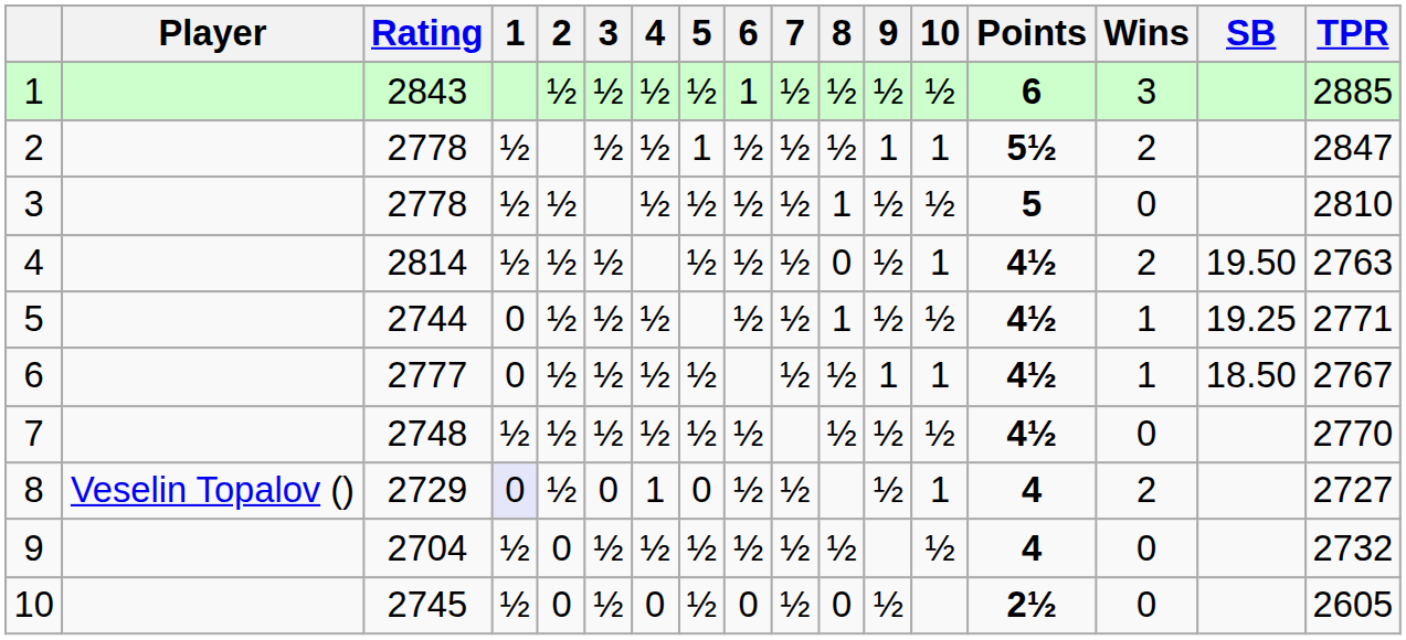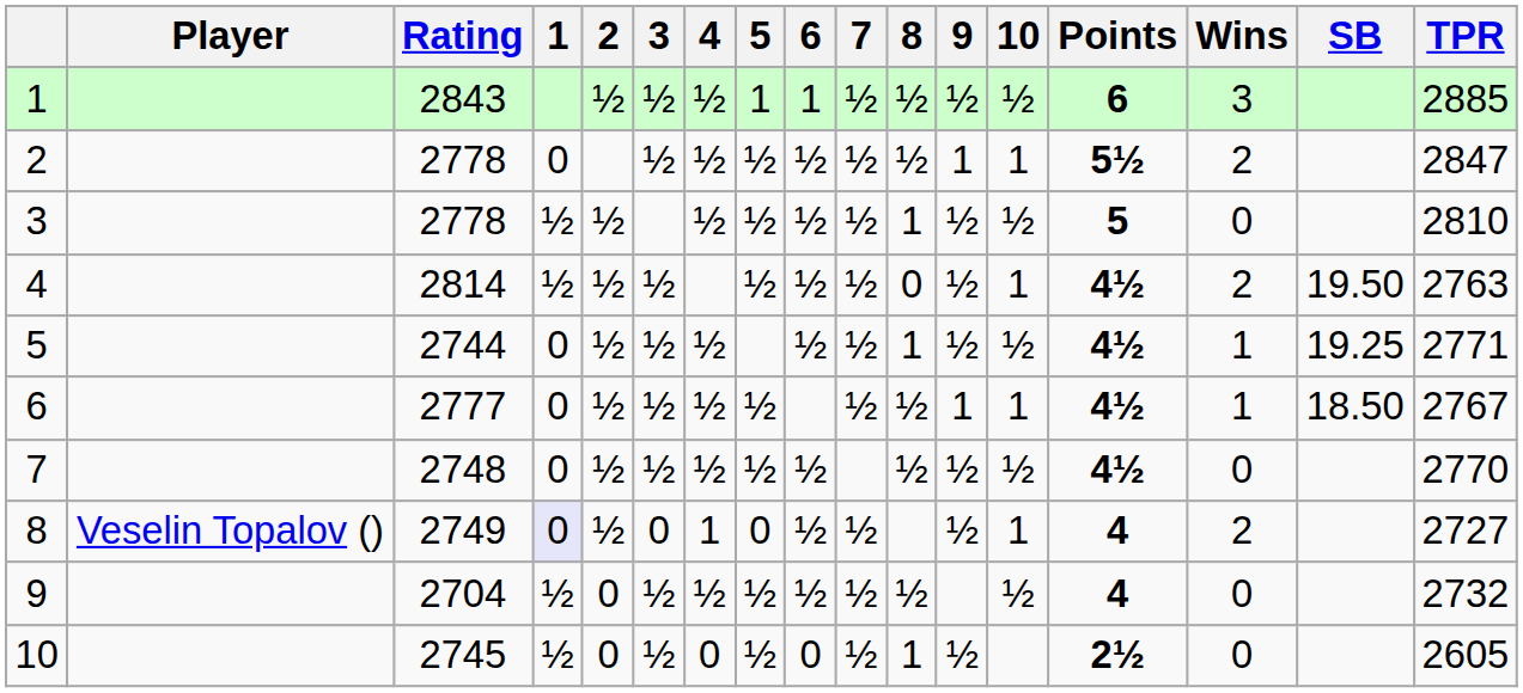 <table class="wikitable" style="text-align: center;">
 <tr>
 <th></th>
 <th>Player</th>
 <th><a href='#'>Rating</a></th>
 <th>1</th>
 <th>2</th>
 <th>3</th>
 <th>4</th>
 <th>5</th>
 <th>6</th>
 <th>7</th>
 <th>8</th>
 <th>9</th>
 <th>10</th>
 <th>Points</th>
 <th>Wins</th>
 <th><a href='#'>SB</a></th>
 <th><a href='#'>TPR</a></th>
 </tr>
 <tr>
 </tr>
 <tr style="background:#ccffcc;">
 <td>1</td>
 <td align="left"><strong></strong></td>
 <td>2843</td>
 <td></td>
 <td>½</td>
 <td>½</td>
 <td>½</td>
-<td>½</td>
+<td>1</td>
 <td>1</td>
 <td>½</td>
 <td>½</td>
 <td>½</td>
 <td>½</td>
 <td><strong>6</strong></td>
 <td>3</td>
 <td></td>
 <td>2885</td>
 </tr>
 <tr>
 <td>2</td>
 <td align="left"></td>
 <td>2778</td>
-<td>½</td>
+<td>0</td>
 <td></td>
 <td>½</td>
 <td>½</td>
-<td>1</td>
+<td>½</td>
 <td>½</td>
 <td>½</td>
 <td>½</td>
 <td>1</td>
 <td>1</td>
 <td><strong>5½</strong></td>
 <td>2</td>
 <td></td>
 <td>2847</td>
 </tr>
 <tr>
 <td>3</td>
 <td align="left"></td>
 <td>2778</td>
 <td>½</td>
 <td>½</td>
 <td></td>
 <td>½</td>
 <td>½</td>
 <td>½</td>
 <td>½</td>
 <td>1</td>
 <td>½</td>
 <td>½</td>
 <td><strong>5</strong></td>
 <td>0</td>
 <td></td>
 <td>2810</td>
 </tr>
 <tr>
 <td>4</td>
 <td align="left"></td>
 <td>2814</td>
 <td>½</td>
 <td>½</td>
 <td>½</td>
 <td></td>
 <td>½</td>
 <td>½</td>
 <td>½</td>
 <td>0</td>
 <td>½</td>
 <td>1</td>
 <td><strong>4½</strong></td>
 <td>2</td>
 <td>19.50</td>
 <td>2763</td>
 </tr>
 <tr>
 <td>5</td>
 <td align="left"></td>
 <td>2744</td>
 <td>0</td>
 <td>½</td>
 <td>½</td>
 <td>½</td>
 <td></td>
 <td>½</td>
 <td>½</td>
 <td>1</td>
 <td>½</td>
 <td>½</td>
 <td><strong>4½</strong></td>
 <td>1</td>
 <td>19.25</td>
 <td>2771</td>
 </tr>
 <tr>
 <td>6</td>
 <td align="left"></td>
 <td>2777</td>
 <td>0</td>
 <td>½</td>
 <td>½</td>
 <td>½</td>
 <td>½</td>
 <td></td>
 <td>½</td>
 <td>½</td>
 <td>1</td>
 <td>1</td>
 <td><strong>4½</strong></td>
 <td>1</td>
 <td>18.50</td>
 <td>2767</td>
 </tr>
 <tr>
 <td>7</td>
 <td align="left"></td>
 <td>2748</td>
-<td>½</td>
+<td>0</td>
 <td>½</td>
 <td>½</td>
 <td>½</td>
 <td>½</td>
 <td>½</td>
 <td></td>
 <td>½</td>
 <td>½</td>
 <td>½</td>
 <td><strong>4½</strong></td>
 <td>0</td>
 <td></td>
 <td>2770</td>
 </tr>
 <tr>
 <td>8</td>
 <td align="left"> <a href='#'>Veselin Topalov</a> ()</td>
-<td>2729</td>
+<td>2749</td>
 <td style="background: lavender;">0</td>
 <td>½</td>
 <td>0</td>
 <td>1</td>
 <td>0</td>
 <td>½</td>
 <td>½</td>
 <td></td>
 <td>½</td>
 <td>1</td>
 <td><strong>4</strong></td>
 <td>2</td>
 <td></td>
 <td>2727</td>
 </tr>
 <tr>
 <td>9</td>
 <td align="left"></td>
 <td>2704</td>
 <td>½</td>
 <td>0</td>
 <td>½</td>
 <td>½</td>
 <td>½</td>
 <td>½</td>
 <td>½</td>
 <td>½</td>
 <td></td>
 <td>½</td>
 <td><strong>4</strong></td>
 <td>0</td>
 <td></td>
 <td>2732</td>
 </tr>
 <tr>
 <td>10</td>
 <td align="left"></td>
 <td>2745</td>
 <td>½</td>
 <td>0</td>
 <td>½</td>
 <td>0</td>
 <td>½</td>
 <td>0</td>
 <td>½</td>
-<td>0</td>
+<td>1</td>
 <td>½</td>
 <td></td>
 <td><strong>2½</strong></td>
 <td>0</td>
 <td></td>
 <td>2605</td>
 </tr>
 </table>
